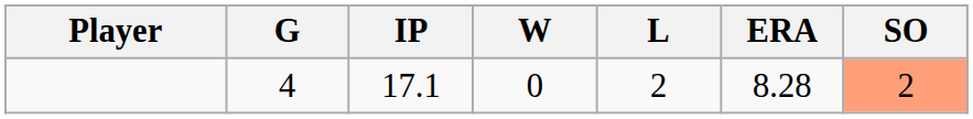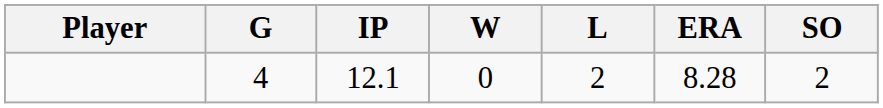 <table class="wikitable sortable">
 <tr>
 <th bgcolor="#DDDDFF" width="16%">Player</th>
 <th bgcolor="#DDDDFF" width="9%">G</th>
 <th bgcolor="#DDDDFF" width="9%">IP</th>
 <th bgcolor="#DDDDFF" width="9%">W</th>
 <th bgcolor="#DDDDFF" width="9%">L</th>
 <th bgcolor="#DDDDFF" width="9%">ERA</th>
 <th bgcolor="#DDDDFF" width="9%">SO</th>
 </tr>
 <tr align="center">
 <td></td>
 <td>4</td>
-<td>17.1</td>
+<td>12.1</td>
 <td>0</td>
 <td>2</td>
 <td>8.28</td>
-<td style="background: lightsalmon;">2</td>
+<td>2</td>
 </tr>
 </table>
